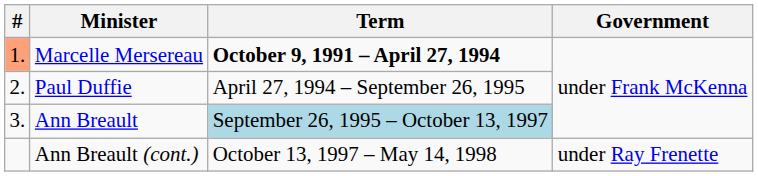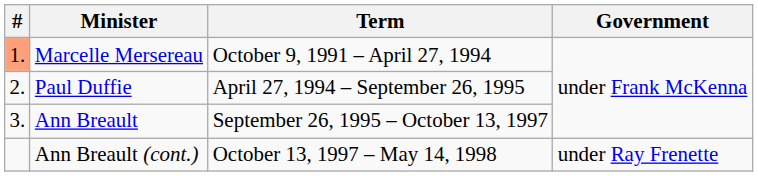 <table class="wikitable">
 <tr>
 <th>#</th>
 <th>Minister</th>
 <th>Term</th>
 <th>Government</th>
 </tr>
 <tr>
 <td style="background: lightsalmon;">1.</td>
 <td><a href='#'>Marcelle Mersereau</a></td>
-<td><strong>October 9, 1991 – April 27, 1994</strong></td>
+<td>October 9, 1991 – April 27, 1994</td>
 <td rowspan=3>under <a href='#'>Frank McKenna</a></td>
 </tr>
 <tr>
 <td>2.</td>
 <td><a href='#'>Paul Duffie</a></td>
 <td>April 27, 1994 – September 26, 1995</td>
 </tr>
 <tr>
 <td>3.</td>
 <td><a href='#'>Ann Breault</a></td>
-<td style="background: lightblue;">September 26, 1995 – October 13, 1997</td>
+<td>September 26, 1995 – October 13, 1997</td>
 </tr>
 <tr>
 <td></td>
 <td>Ann Breault <em>(cont.)</em></td>
 <td>October 13, 1997 – May 14, 1998</td>
 <td>under <a href='#'>Ray Frenette</a></td>
 </tr>
 </table>
